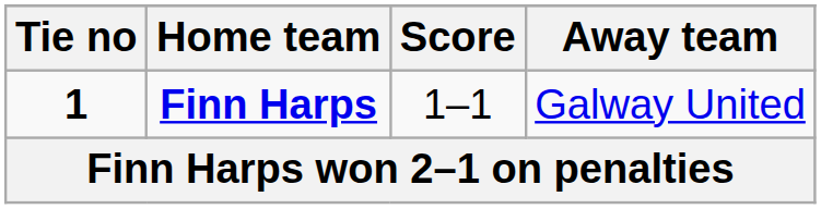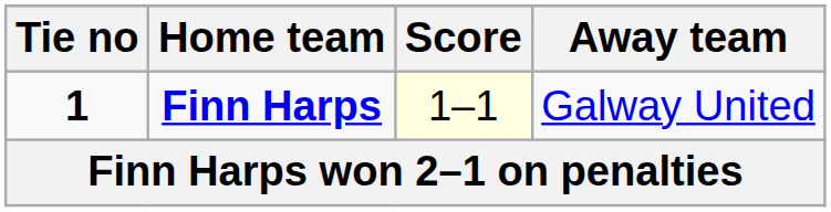 <table class="wikitable" style="text-align: center">
 <tr>
 </tr>
 <tr>
 <th>Tie no</th>
 <th>Home team</th>
 <th>Score</th>
 <th>Away team</th>
 </tr>
 <tr>
 <td><strong>1</strong></td>
 <td><strong><a href='#'>Finn Harps</a></strong></td>
-<td>1–1</td>
+<td style="background: lightyellow;">1–1</td>
 <td><a href='#'>Galway United</a></td>
 </tr>
 <tr>
 <th colspan=4>Finn Harps won 2–1 on penalties</th>
 </tr>
 </table>
